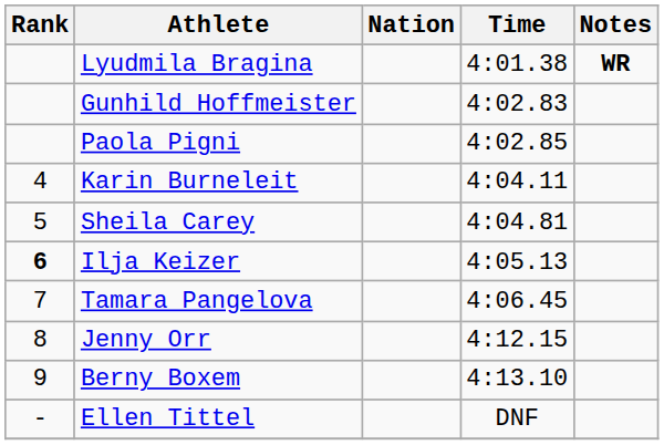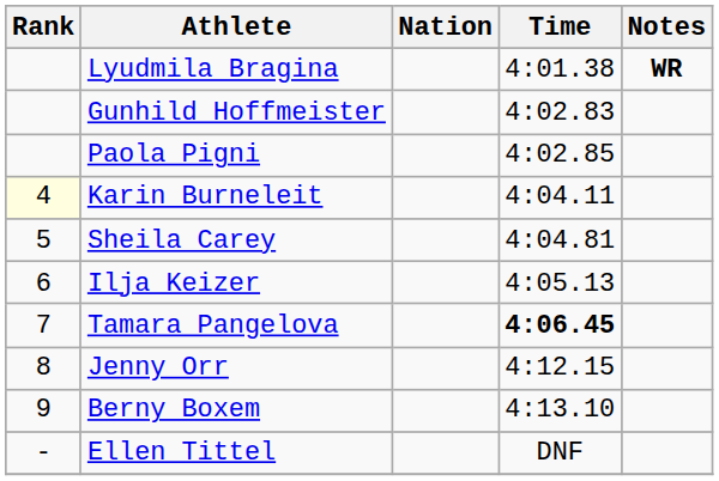 <table class="wikitable sortable" style="text-align:center">
 <tr>
 <th>Rank</th>
 <th>Athlete</th>
 <th>Nation</th>
 <th>Time</th>
 <th>Notes</th>
 </tr>
 <tr>
 <td></td>
 <td align=left><a href='#'>Lyudmila Bragina</a></td>
 <td align=left></td>
 <td>4:01.38</td>
 <td><strong>WR</strong></td>
 </tr>
 <tr>
 <td></td>
 <td align=left><a href='#'>Gunhild Hoffmeister</a></td>
 <td align=left></td>
 <td>4:02.83</td>
 <td></td>
 </tr>
 <tr>
 <td></td>
 <td align=left><a href='#'>Paola Pigni</a></td>
 <td align=left></td>
 <td>4:02.85</td>
 <td></td>
 </tr>
 <tr>
-<td>4</td>
+<td style="background: lightyellow;">4</td>
 <td align=left><a href='#'>Karin Burneleit</a></td>
 <td align=left></td>
 <td>4:04.11</td>
 <td></td>
 </tr>
 <tr>
 <td>5</td>
 <td align=left><a href='#'>Sheila Carey</a></td>
 <td align=left></td>
 <td>4:04.81</td>
 <td></td>
 </tr>
 <tr>
-<td><strong>6</strong></td>
+<td>6</td>
 <td align=left><a href='#'>Ilja Keizer</a></td>
 <td align=left></td>
 <td>4:05.13</td>
 <td></td>
 </tr>
 <tr>
 <td>7</td>
 <td align=left><a href='#'>Tamara Pangelova</a></td>
 <td align=left></td>
-<td>4:06.45</td>
+<td><strong>4:06.45</strong></td>
 <td></td>
 </tr>
 <tr>
 <td>8</td>
 <td align=left><a href='#'>Jenny Orr</a></td>
 <td align=left></td>
 <td>4:12.15</td>
 <td></td>
 </tr>
 <tr>
 <td>9</td>
 <td align=left><a href='#'>Berny Boxem</a></td>
 <td align=left></td>
 <td>4:13.10</td>
 <td></td>
 </tr>
 <tr>
 <td>-</td>
 <td align=left><a href='#'>Ellen Tittel</a></td>
 <td align=left></td>
 <td>DNF</td>
 <td></td>
 </tr>
 <tr>
 </tr>
 </table>
